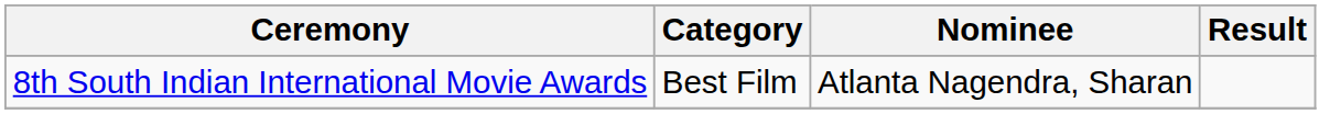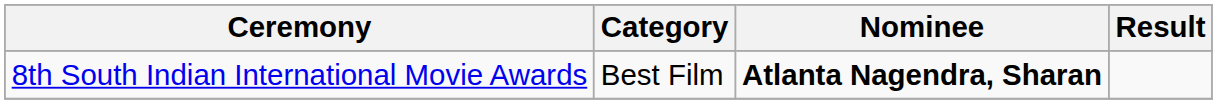 <table class="wikitable">
 <tr>
 <th>Ceremony</th>
 <th>Category</th>
 <th>Nominee</th>
 <th>Result</th>
 </tr>
 <tr>
 <td><a href='#'>8th South Indian International Movie Awards</a></td>
 <td>Best Film</td>
-<td>Atlanta Nagendra, Sharan</td>
+<td><strong>Atlanta Nagendra, Sharan</strong></td>
 <td></td>
 </tr>
 <tr>
 </tr>
 </table>
